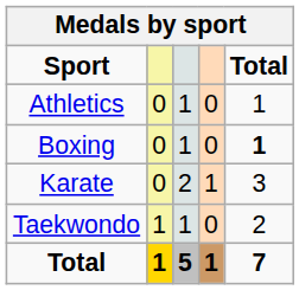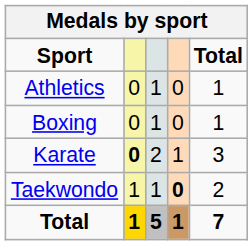 <table class="wikitable" style="font-size:85%; float:right;">
 <tr style="background:#efefef;">
 <th colspan=7><strong>Medals by sport</strong></th>
 </tr>
 <tr align=center>
 <td><strong>Sport</strong></td>
 <td style="background:#f7f6a8;"></td>
 <td style="background:#dce5e5;"></td>
 <td style="background:#ffdab9;"></td>
 <td><strong>Total</strong></td>
 </tr>
 <tr align=center>
 <td><a href='#'>Athletics</a></td>
 <td style="background:#f7f6a8;">0</td>
 <td style="background:#dce5e5;">1</td>
 <td style="background:#ffdab9;">0</td>
 <td>1</td>
 </tr>
 <tr align=center>
 <td><a href='#'>Boxing</a></td>
 <td style="background:#f7f6a8;">0</td>
 <td style="background:#dce5e5;">1</td>
 <td style="background:#ffdab9;">0</td>
-<td><strong>1</strong></td>
+<td>1</td>
 </tr>
 <tr align=center>
 <td><a href='#'>Karate</a></td>
-<td style="background:#f7f6a8;">0</td>
+<td style="background:#f7f6a8;"><strong>0</strong></td>
 <td style="background:#dce5e5;">2</td>
 <td style="background:#ffdab9;">1</td>
 <td>3</td>
 </tr>
 <tr align=center>
 <td><a href='#'>Taekwondo</a></td>
 <td style="background:#f7f6a8;">1</td>
 <td style="background:#dce5e5;">1</td>
-<td style="background:#ffdab9;">0</td>
+<td style="background:#ffdab9;"><strong>0</strong></td>
 <td>2</td>
 </tr>
 <tr align=center>
 <td><strong>Total</strong></td>
 <td style="background:gold;"><strong>1</strong></td>
 <td style="background:silver;"><strong>5</strong></td>
 <td style="background:#c96;"><strong>1</strong></td>
 <td><strong>7</strong></td>
 </tr>
 </table>
